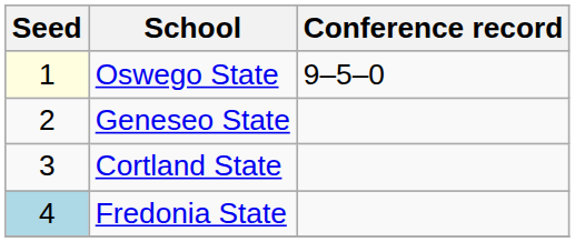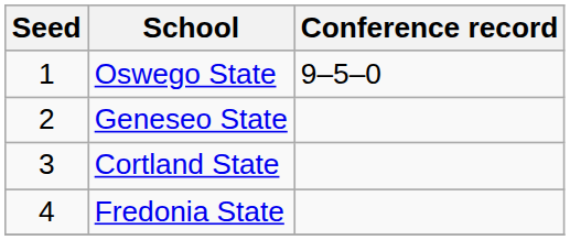 <table class="wikitable">
 <tr>
 <th>Seed</th>
 <th>School</th>
 <th>Conference record</th>
 </tr>
 <tr>
-<td align=center style="background: lightyellow;">1</td>
+<td align=center>1</td>
 <td><a href='#'>Oswego State</a></td>
 <td>9–5–0</td>
 </tr>
 <tr>
 <td align=center>2</td>
 <td><a href='#'>Geneseo State</a></td>
 <td></td>
 </tr>
 <tr>
 <td align=center>3</td>
 <td><a href='#'>Cortland State</a></td>
 <td></td>
 </tr>
 <tr>
-<td align=center style="background: lightblue;">4</td>
+<td align=center>4</td>
 <td><a href='#'>Fredonia State</a></td>
 <td></td>
 </tr>
 <tr>
 </tr>
 </table>
